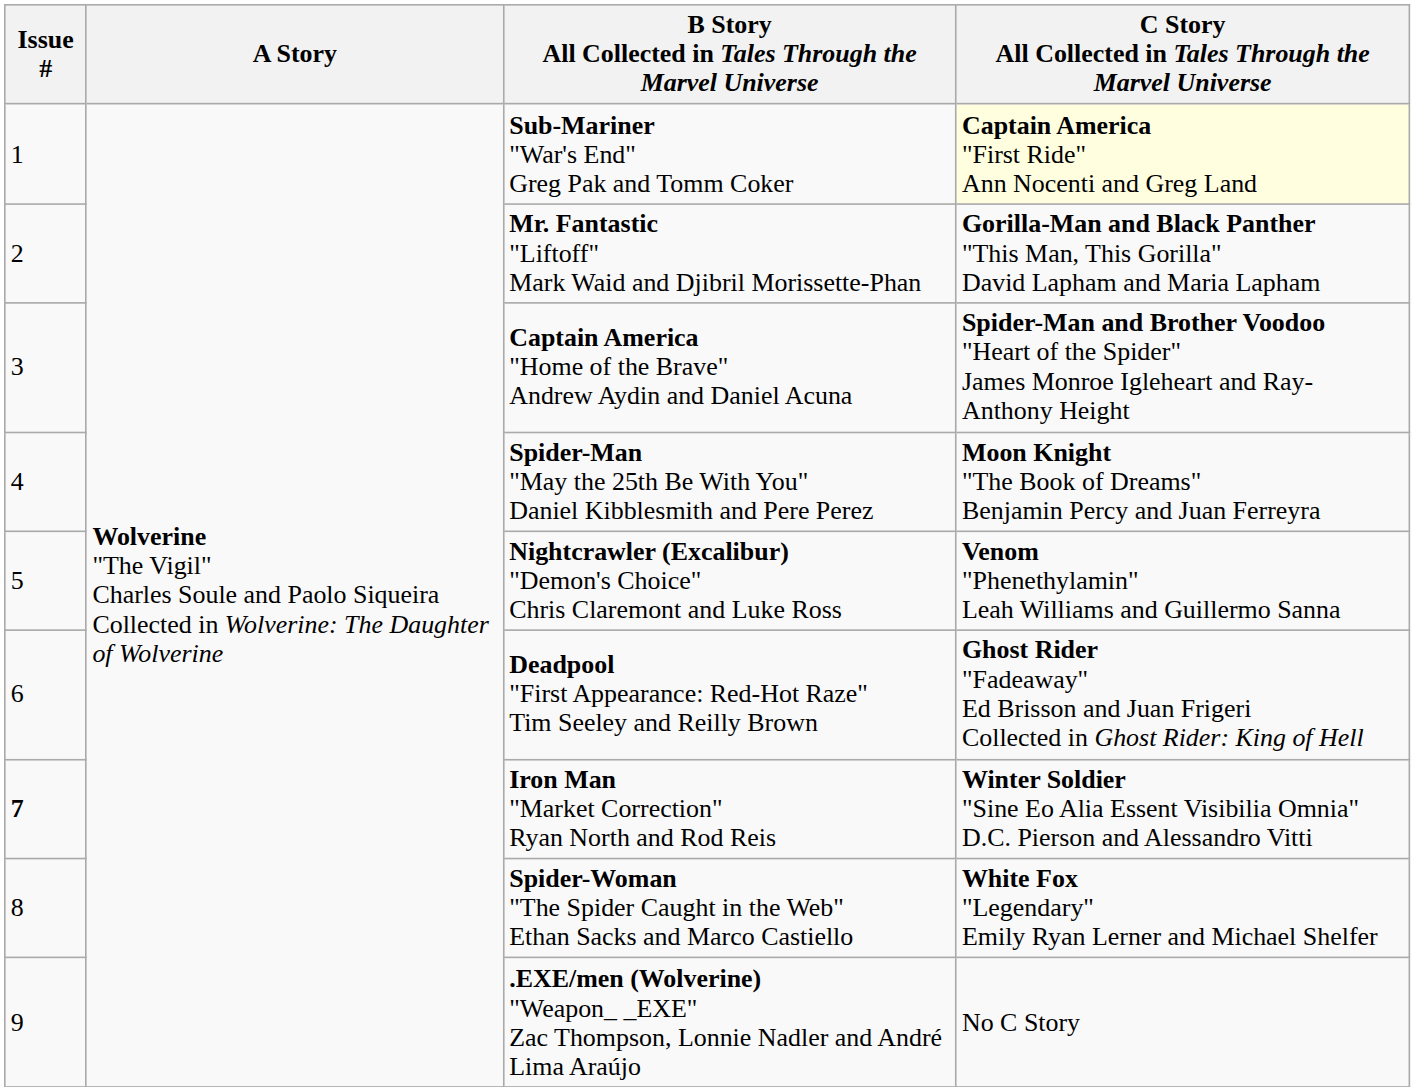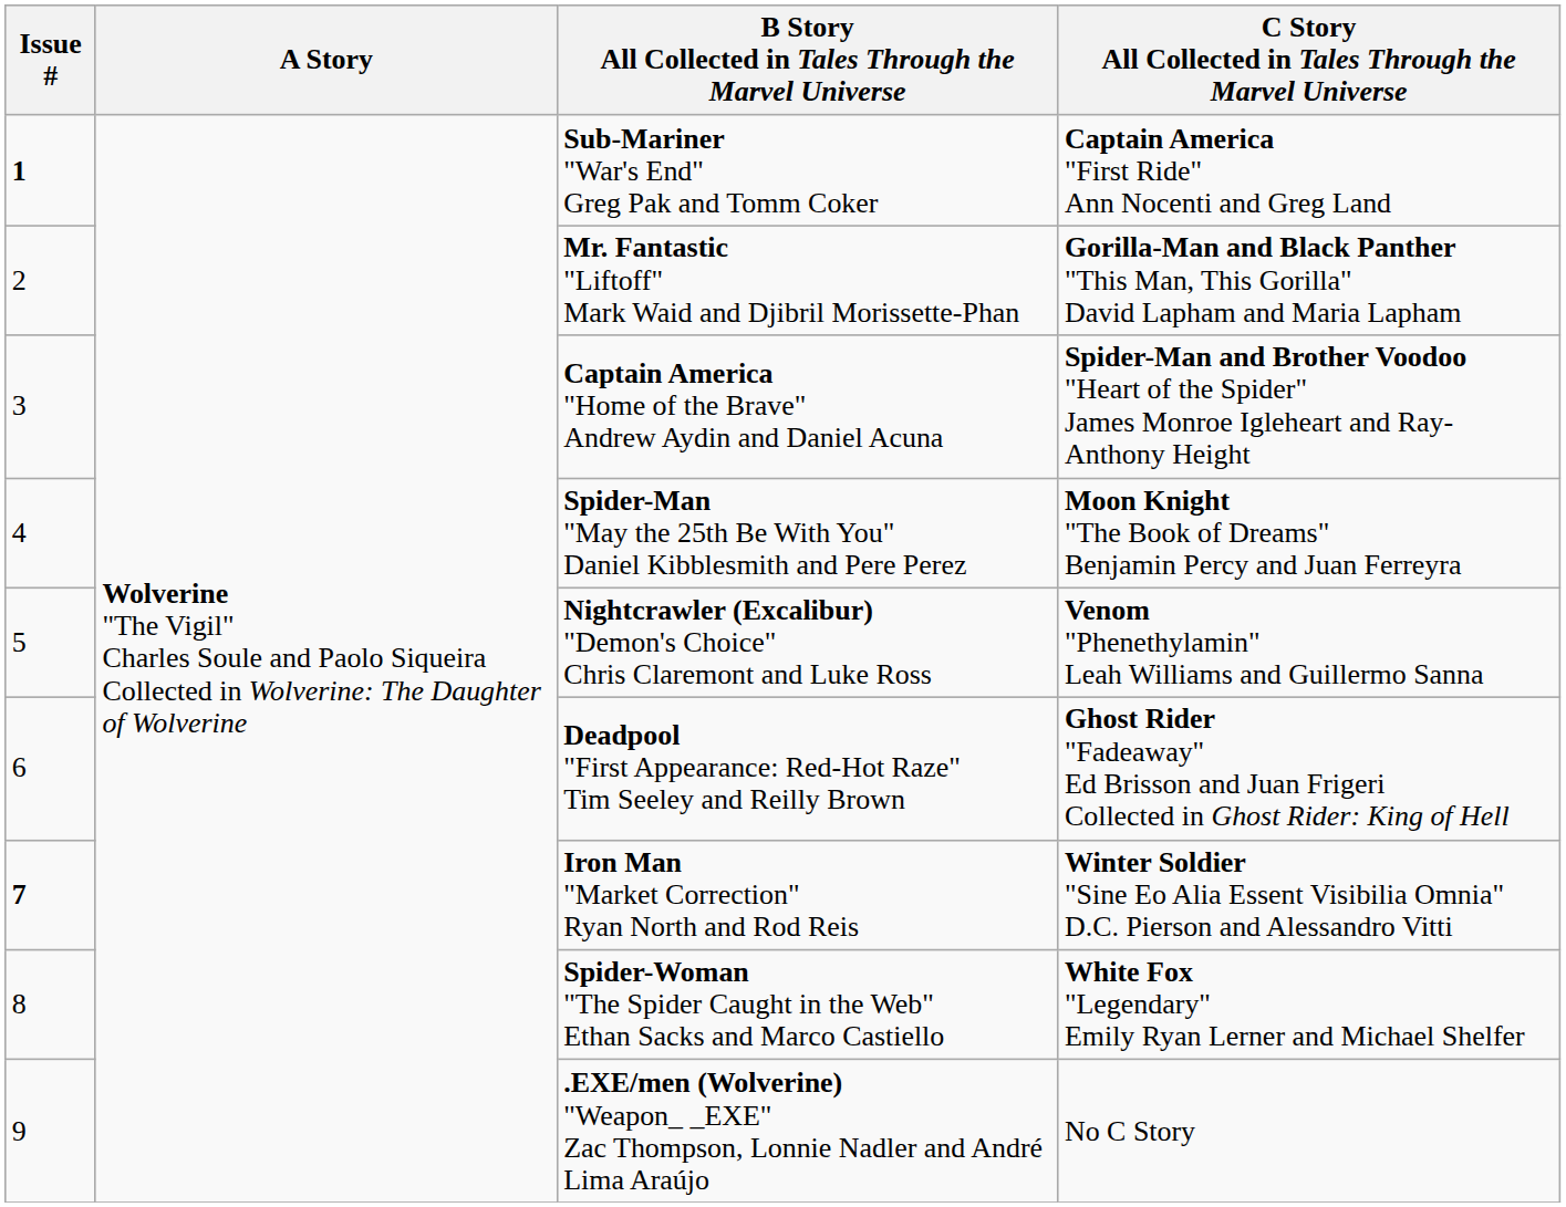 <table class="wikitable">
 <tr>
 <th>Issue #</th>
 <th>A Story</th>
 <th>B Story<br>All Collected in <em>Tales Through the Marvel Universe</em></th>
 <th>C Story<br>All Collected in <em>Tales Through the Marvel Universe</em></th>
 </tr>
 <tr>
-<td>1</td>
+<td><strong>1</strong></td>
 <td rowspan="9"><strong>Wolverine</strong><br>"The Vigil"<br>Charles Soule and Paolo Siqueira<br>Collected in <em>Wolverine: The Daughter of Wolverine</em></td>
 <td><strong>Sub-Mariner</strong><br>"War's End"<br>Greg Pak and Tomm Coker</td>
-<td style="background: lightyellow;"><strong>Captain America</strong><br>"First Ride"<br>Ann Nocenti and Greg Land</td>
+<td><strong>Captain America</strong><br>"First Ride"<br>Ann Nocenti and Greg Land</td>
 </tr>
 <tr>
 <td>2</td>
 <td><strong>Mr. Fantastic</strong><br>"Liftoff"<br>Mark Waid and Djibril Morissette-Phan</td>
 <td><strong>Gorilla-Man and Black Panther</strong><br>"This Man, This Gorilla"<br>David Lapham and Maria Lapham</td>
 </tr>
 <tr>
 <td>3</td>
 <td><strong>Captain America</strong><br>"Home of the Brave"<br>Andrew Aydin and Daniel Acuna</td>
 <td><strong>Spider-Man and Brother Voodoo</strong><br>"Heart of the Spider"<br>James Monroe Igleheart and Ray-Anthony Height</td>
 </tr>
 <tr>
 <td>4</td>
 <td><strong>Spider-Man</strong><br>"May the 25th Be With You"<br>Daniel Kibblesmith and Pere Perez</td>
 <td><strong>Moon Knight</strong><br>"The Book of Dreams"<br>Benjamin Percy and Juan Ferreyra</td>
 </tr>
 <tr>
 <td>5</td>
 <td><strong>Nightcrawler (Excalibur)</strong><br>"Demon's Choice"<br>Chris Claremont and Luke Ross</td>
 <td><strong>Venom</strong><br>"Phenethylamin"<br>Leah Williams and Guillermo Sanna</td>
 </tr>
 <tr>
 <td>6</td>
 <td><strong>Deadpool</strong><br>"First Appearance: Red-Hot Raze"<br>Tim Seeley and Reilly Brown</td>
 <td><strong>Ghost Rider</strong><br>"Fadeaway"<br>Ed Brisson and Juan Frigeri<br>Collected in <em>Ghost Rider: King of Hell</em></td>
 </tr>
 <tr>
 <td><strong>7</strong></td>
 <td><strong>Iron Man</strong><br>"Market Correction"<br>Ryan North and Rod Reis</td>
 <td><strong>Winter Soldier</strong><br>"Sine Eo Alia Essent Visibilia Omnia"<br>D.C. Pierson and Alessandro Vitti</td>
 </tr>
 <tr>
 <td>8</td>
 <td><strong>Spider-Woman</strong><br>"The Spider Caught in the Web"<br>Ethan Sacks and Marco Castiello</td>
 <td><strong>White Fox</strong><br>"Legendary"<br>Emily Ryan Lerner and Michael Shelfer</td>
 </tr>
 <tr>
 <td>9</td>
 <td><strong>.EXE/men (Wolverine)</strong><br>"Weapon_ _EXE"<br>Zac Thompson, Lonnie Nadler and André Lima Araújo</td>
 <td>No C Story</td>
 </tr>
 </table>
